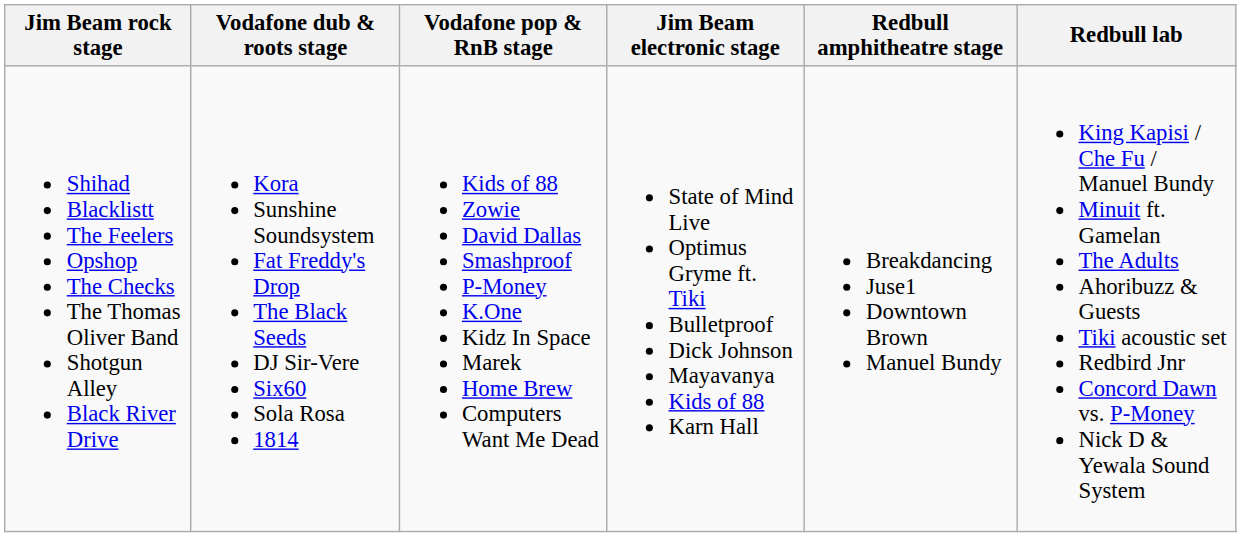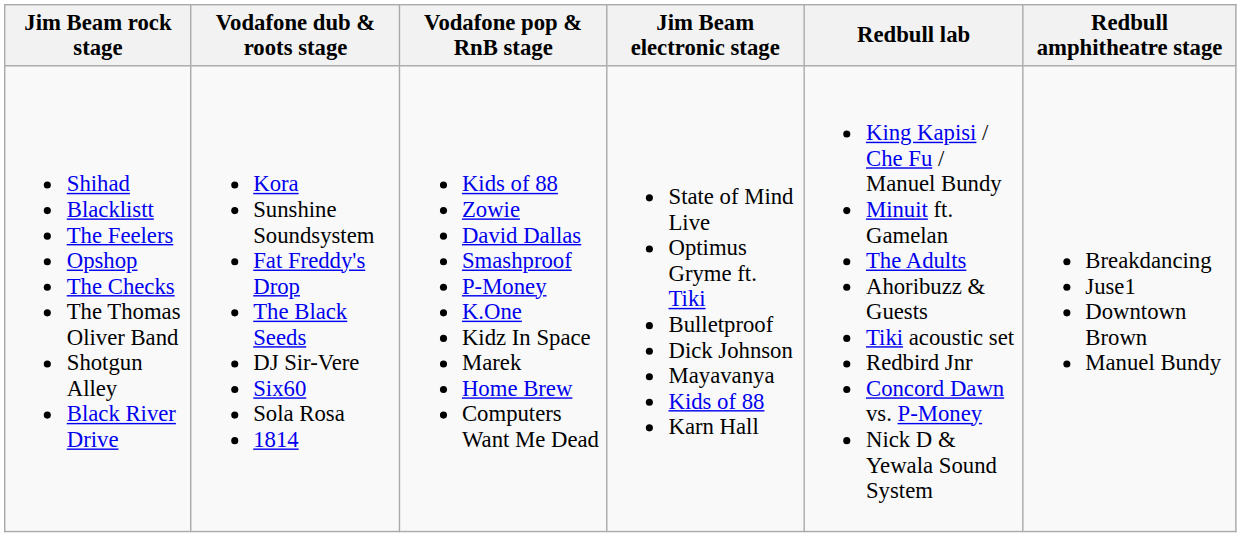 <table class="wikitable vertical-align-top">
 <tr>
 <th>Jim Beam rock stage</th>
 <th>Vodafone dub & roots stage</th>
 <th>Vodafone pop & RnB stage</th>
 <th>Jim Beam electronic stage</th>
+<th>Redbull lab</th>
 <th>Redbull amphitheatre stage</th>
-<th>Redbull lab</th>
 </tr>
 <tr>
 <td><br><ul><li><a href='#'>Shihad</a></li><li><a href='#'>Blacklistt</a></li><li><a href='#'>The Feelers</a></li><li><a href='#'>Opshop</a></li><li><a href='#'>The Checks</a></li><li>The Thomas Oliver Band</li><li>Shotgun Alley</li><li><a href='#'>Black River Drive</a></li></ul></td>
 <td><br><ul><li><a href='#'>Kora</a></li><li>Sunshine Soundsystem</li><li><a href='#'>Fat Freddy's Drop</a></li><li><a href='#'>The Black Seeds</a></li><li>DJ Sir-Vere</li><li><a href='#'>Six60</a></li><li>Sola Rosa</li><li><a href='#'>1814</a></li></ul></td>
 <td><br><ul><li><a href='#'>Kids of 88</a></li><li><a href='#'>Zowie</a></li><li><a href='#'>David Dallas</a></li><li><a href='#'>Smashproof</a></li><li><a href='#'>P-Money</a></li><li><a href='#'>K.One</a></li><li>Kidz In Space</li><li>Marek</li><li><a href='#'>Home Brew</a></li><li>Computers Want Me Dead</li></ul></td>
 <td><br><ul><li>State of Mind Live</li><li>Optimus Gryme ft. <a href='#'>Tiki</a></li><li>Bulletproof</li><li>Dick Johnson</li><li>Mayavanya</li><li><a href='#'>Kids of 88</a></li><li>Karn Hall</li></ul></td>
+<td><br><ul><li><a href='#'>King Kapisi</a> / <a href='#'>Che Fu</a> / Manuel Bundy</li><li><a href='#'>Minuit</a> ft. Gamelan</li><li><a href='#'>The Adults</a></li><li>Ahoribuzz & Guests</li><li><a href='#'>Tiki</a> acoustic set</li><li>Redbird Jnr</li><li><a href='#'>Concord Dawn</a> vs. <a href='#'>P-Money</a></li><li>Nick D & Yewala Sound System</li></ul></td>
 <td><br><ul><li>Breakdancing</li><li>Juse1</li><li>Downtown Brown</li><li>Manuel Bundy</li></ul></td>
-<td><br><ul><li><a href='#'>King Kapisi</a> / <a href='#'>Che Fu</a> / Manuel Bundy</li><li><a href='#'>Minuit</a> ft. Gamelan</li><li><a href='#'>The Adults</a></li><li>Ahoribuzz & Guests</li><li><a href='#'>Tiki</a> acoustic set</li><li>Redbird Jnr</li><li><a href='#'>Concord Dawn</a> vs. <a href='#'>P-Money</a></li><li>Nick D & Yewala Sound System</li></ul></td>
 </tr>
 </table>
